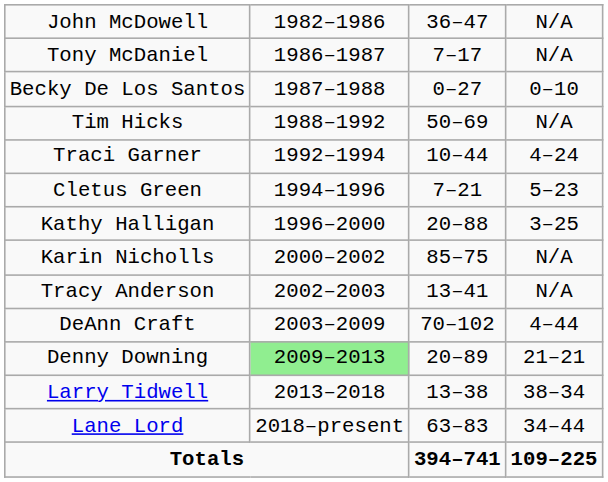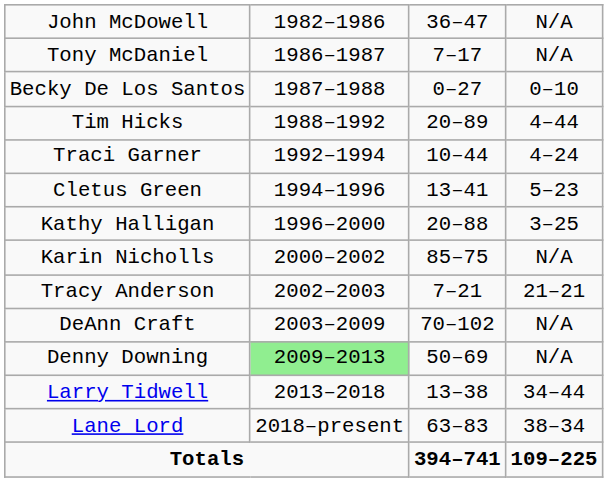 <table class="wikitable" style="text-align:center">
 <tr>
 <td>John McDowell</td>
 <td>1982–1986</td>
 <td>36–47</td>
 <td>N/A</td>
 </tr>
 <tr>
 <td>Tony McDaniel</td>
 <td>1986–1987</td>
 <td>7–17</td>
 <td>N/A</td>
 </tr>
 <tr>
 <td>Becky De Los Santos</td>
 <td>1987–1988</td>
 <td>0–27</td>
 <td>0–10</td>
 </tr>
 <tr>
 <td>Tim Hicks</td>
 <td>1988–1992</td>
-<td>50–69</td>
-<td>N/A</td>
+<td>20–89</td>
+<td>4–44</td>
 </tr>
 <tr>
 <td>Traci Garner</td>
 <td>1992–1994</td>
 <td>10–44</td>
 <td>4–24</td>
 </tr>
 <tr>
 <td>Cletus Green</td>
 <td>1994–1996</td>
-<td>7–21</td>
+<td>13–41</td>
 <td>5–23</td>
 </tr>
 <tr>
 <td>Kathy Halligan</td>
 <td>1996–2000</td>
 <td>20–88</td>
 <td>3–25</td>
 </tr>
 <tr>
 <td>Karin Nicholls</td>
 <td>2000–2002</td>
 <td>85–75</td>
 <td>N/A</td>
 </tr>
 <tr>
 <td>Tracy Anderson</td>
 <td>2002–2003</td>
-<td>13–41</td>
-<td>N/A</td>
+<td>7–21</td>
+<td>21–21</td>
 </tr>
 <tr>
 <td>DeAnn Craft</td>
 <td>2003–2009</td>
 <td>70–102</td>
-<td>4–44</td>
+<td>N/A</td>
 </tr>
 <tr>
 <td>Denny Downing</td>
 <td style="background: lightgreen;">2009–2013</td>
-<td>20–89</td>
-<td>21–21</td>
+<td>50–69</td>
+<td>N/A</td>
 </tr>
 <tr>
 <td><a href='#'>Larry Tidwell</a></td>
 <td>2013–2018</td>
 <td>13–38</td>
-<td>38–34</td>
+<td>34–44</td>
 </tr>
 <tr>
 <td><a href='#'>Lane Lord</a></td>
 <td>2018–present</td>
 <td>63–83</td>
-<td>34–44</td>
+<td>38–34</td>
 </tr>
 <tr>
 <td colspan=2><strong>Totals</strong></td>
 <td><strong>394–741</strong></td>
 <td><strong>109–225</strong></td>
 </tr>
 </table>
